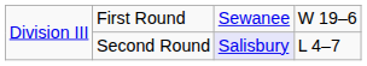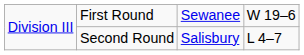 <table class="wikitable">
 <tr>
 <td rowspan="5"><a href='#'>Division III</a></td>
 <td>First Round</td>
 <td><a href='#'>Sewanee</a></td>
 <td>W 19–6</td>
 </tr>
 <tr>
 <td>Second Round</td>
-<td style="background: lavender;"><a href='#'>Salisbury</a></td>
+<td><a href='#'>Salisbury</a></td>
 <td>L 4–7</td>
 </tr>
 </table>
